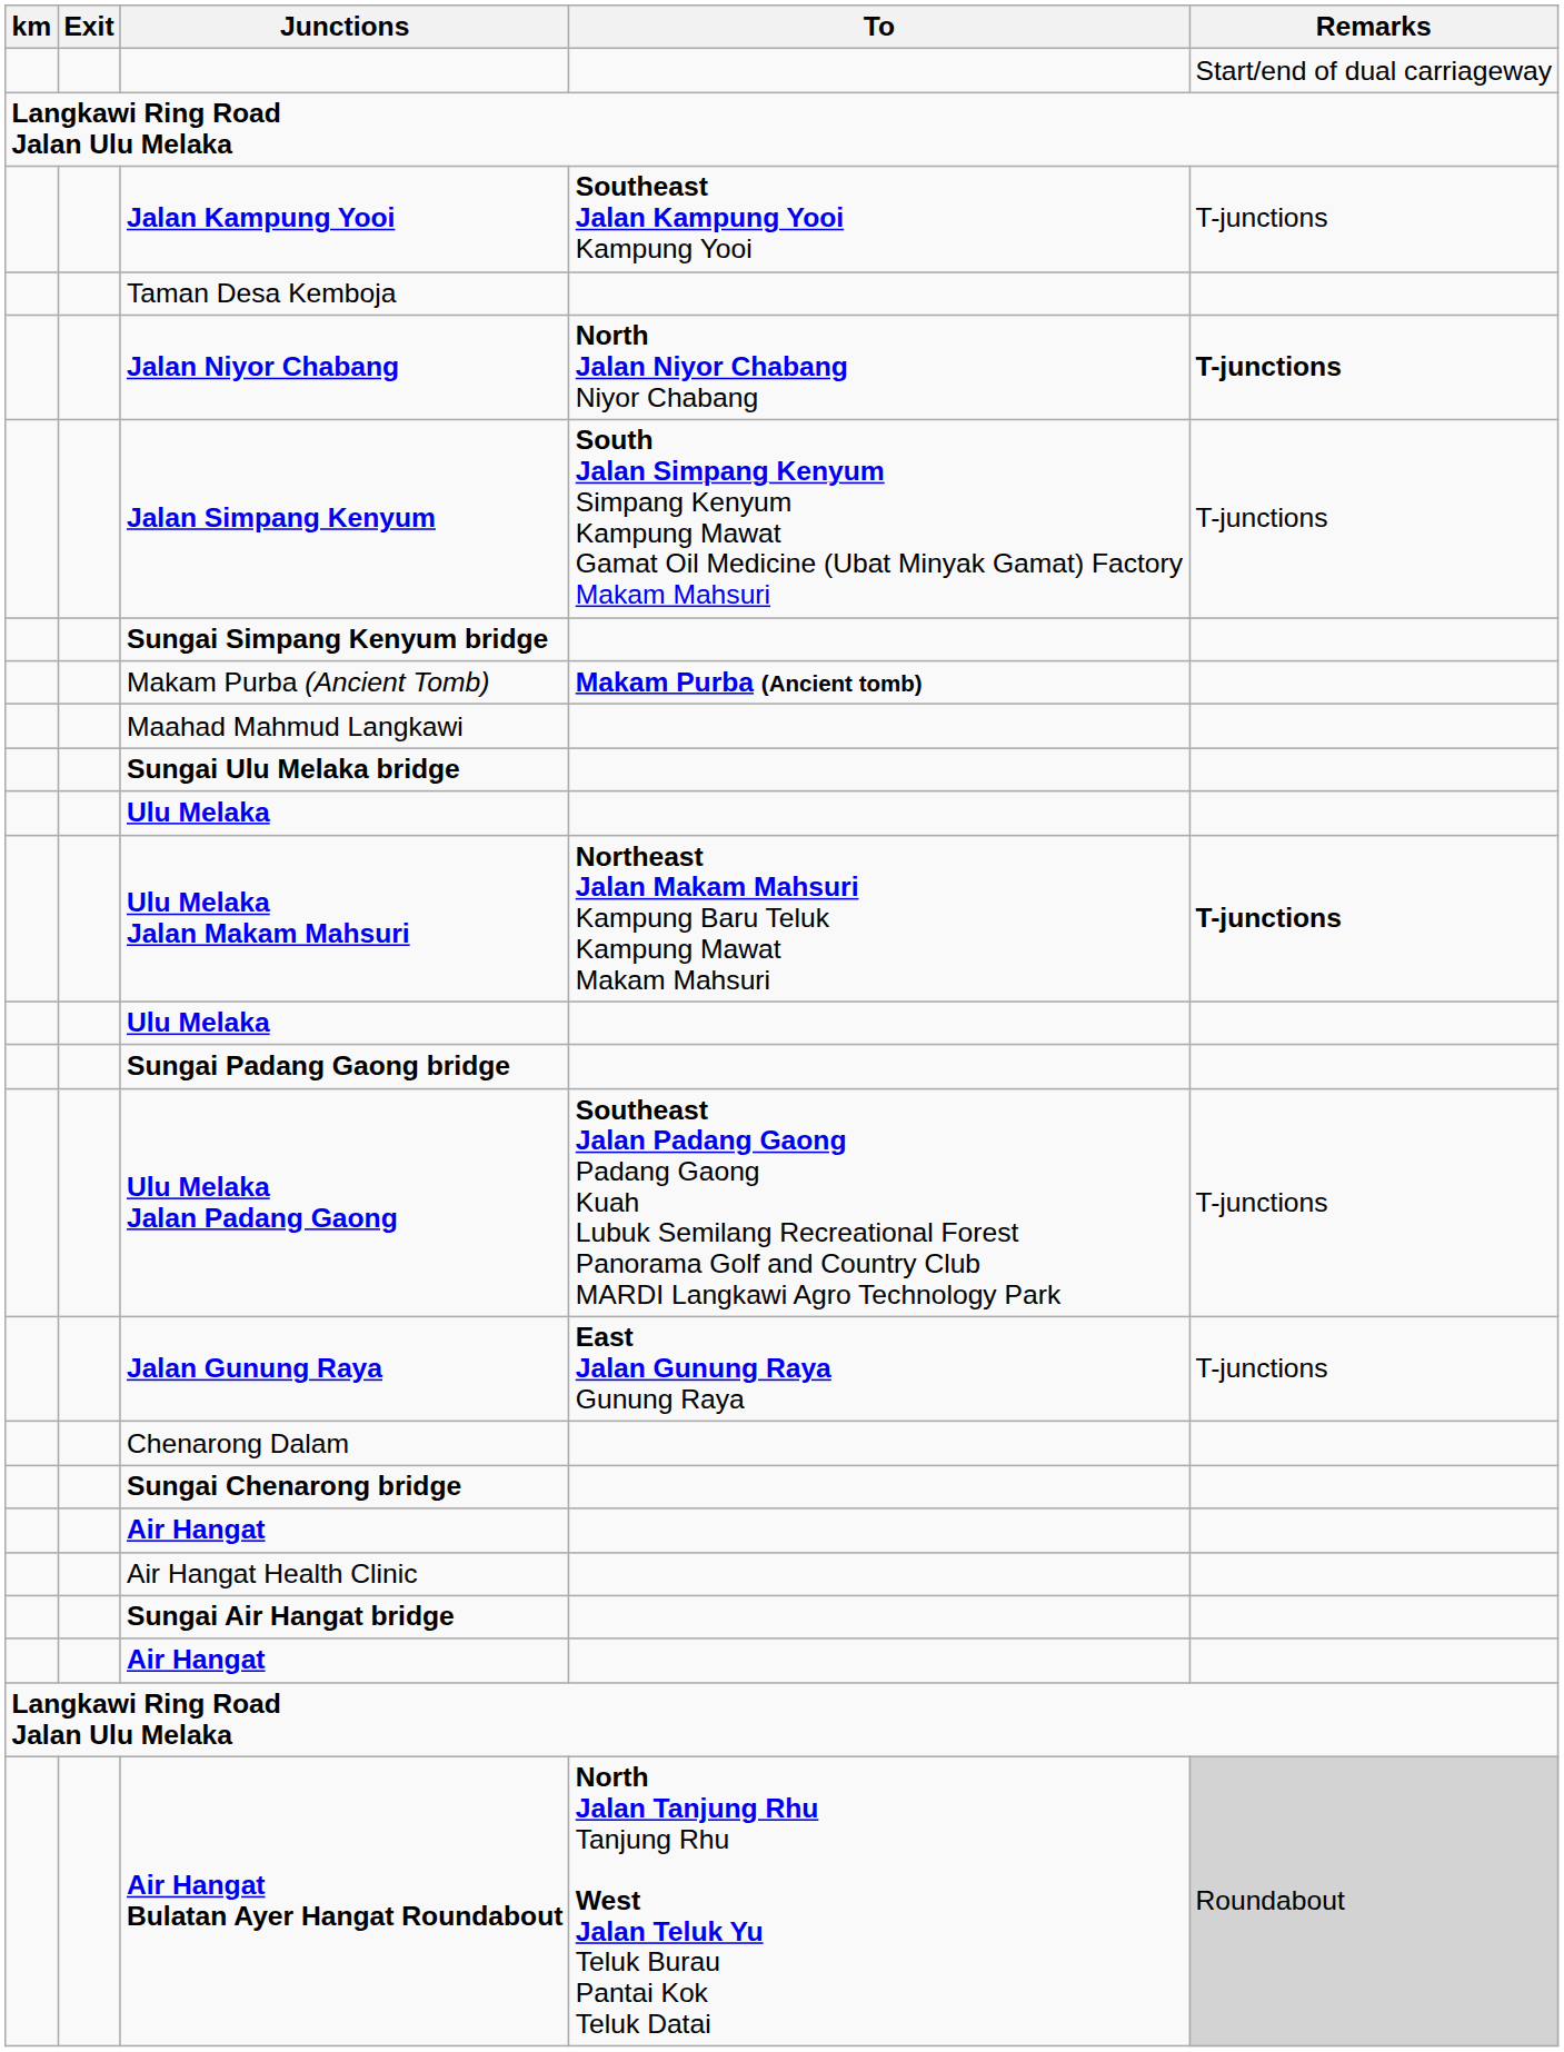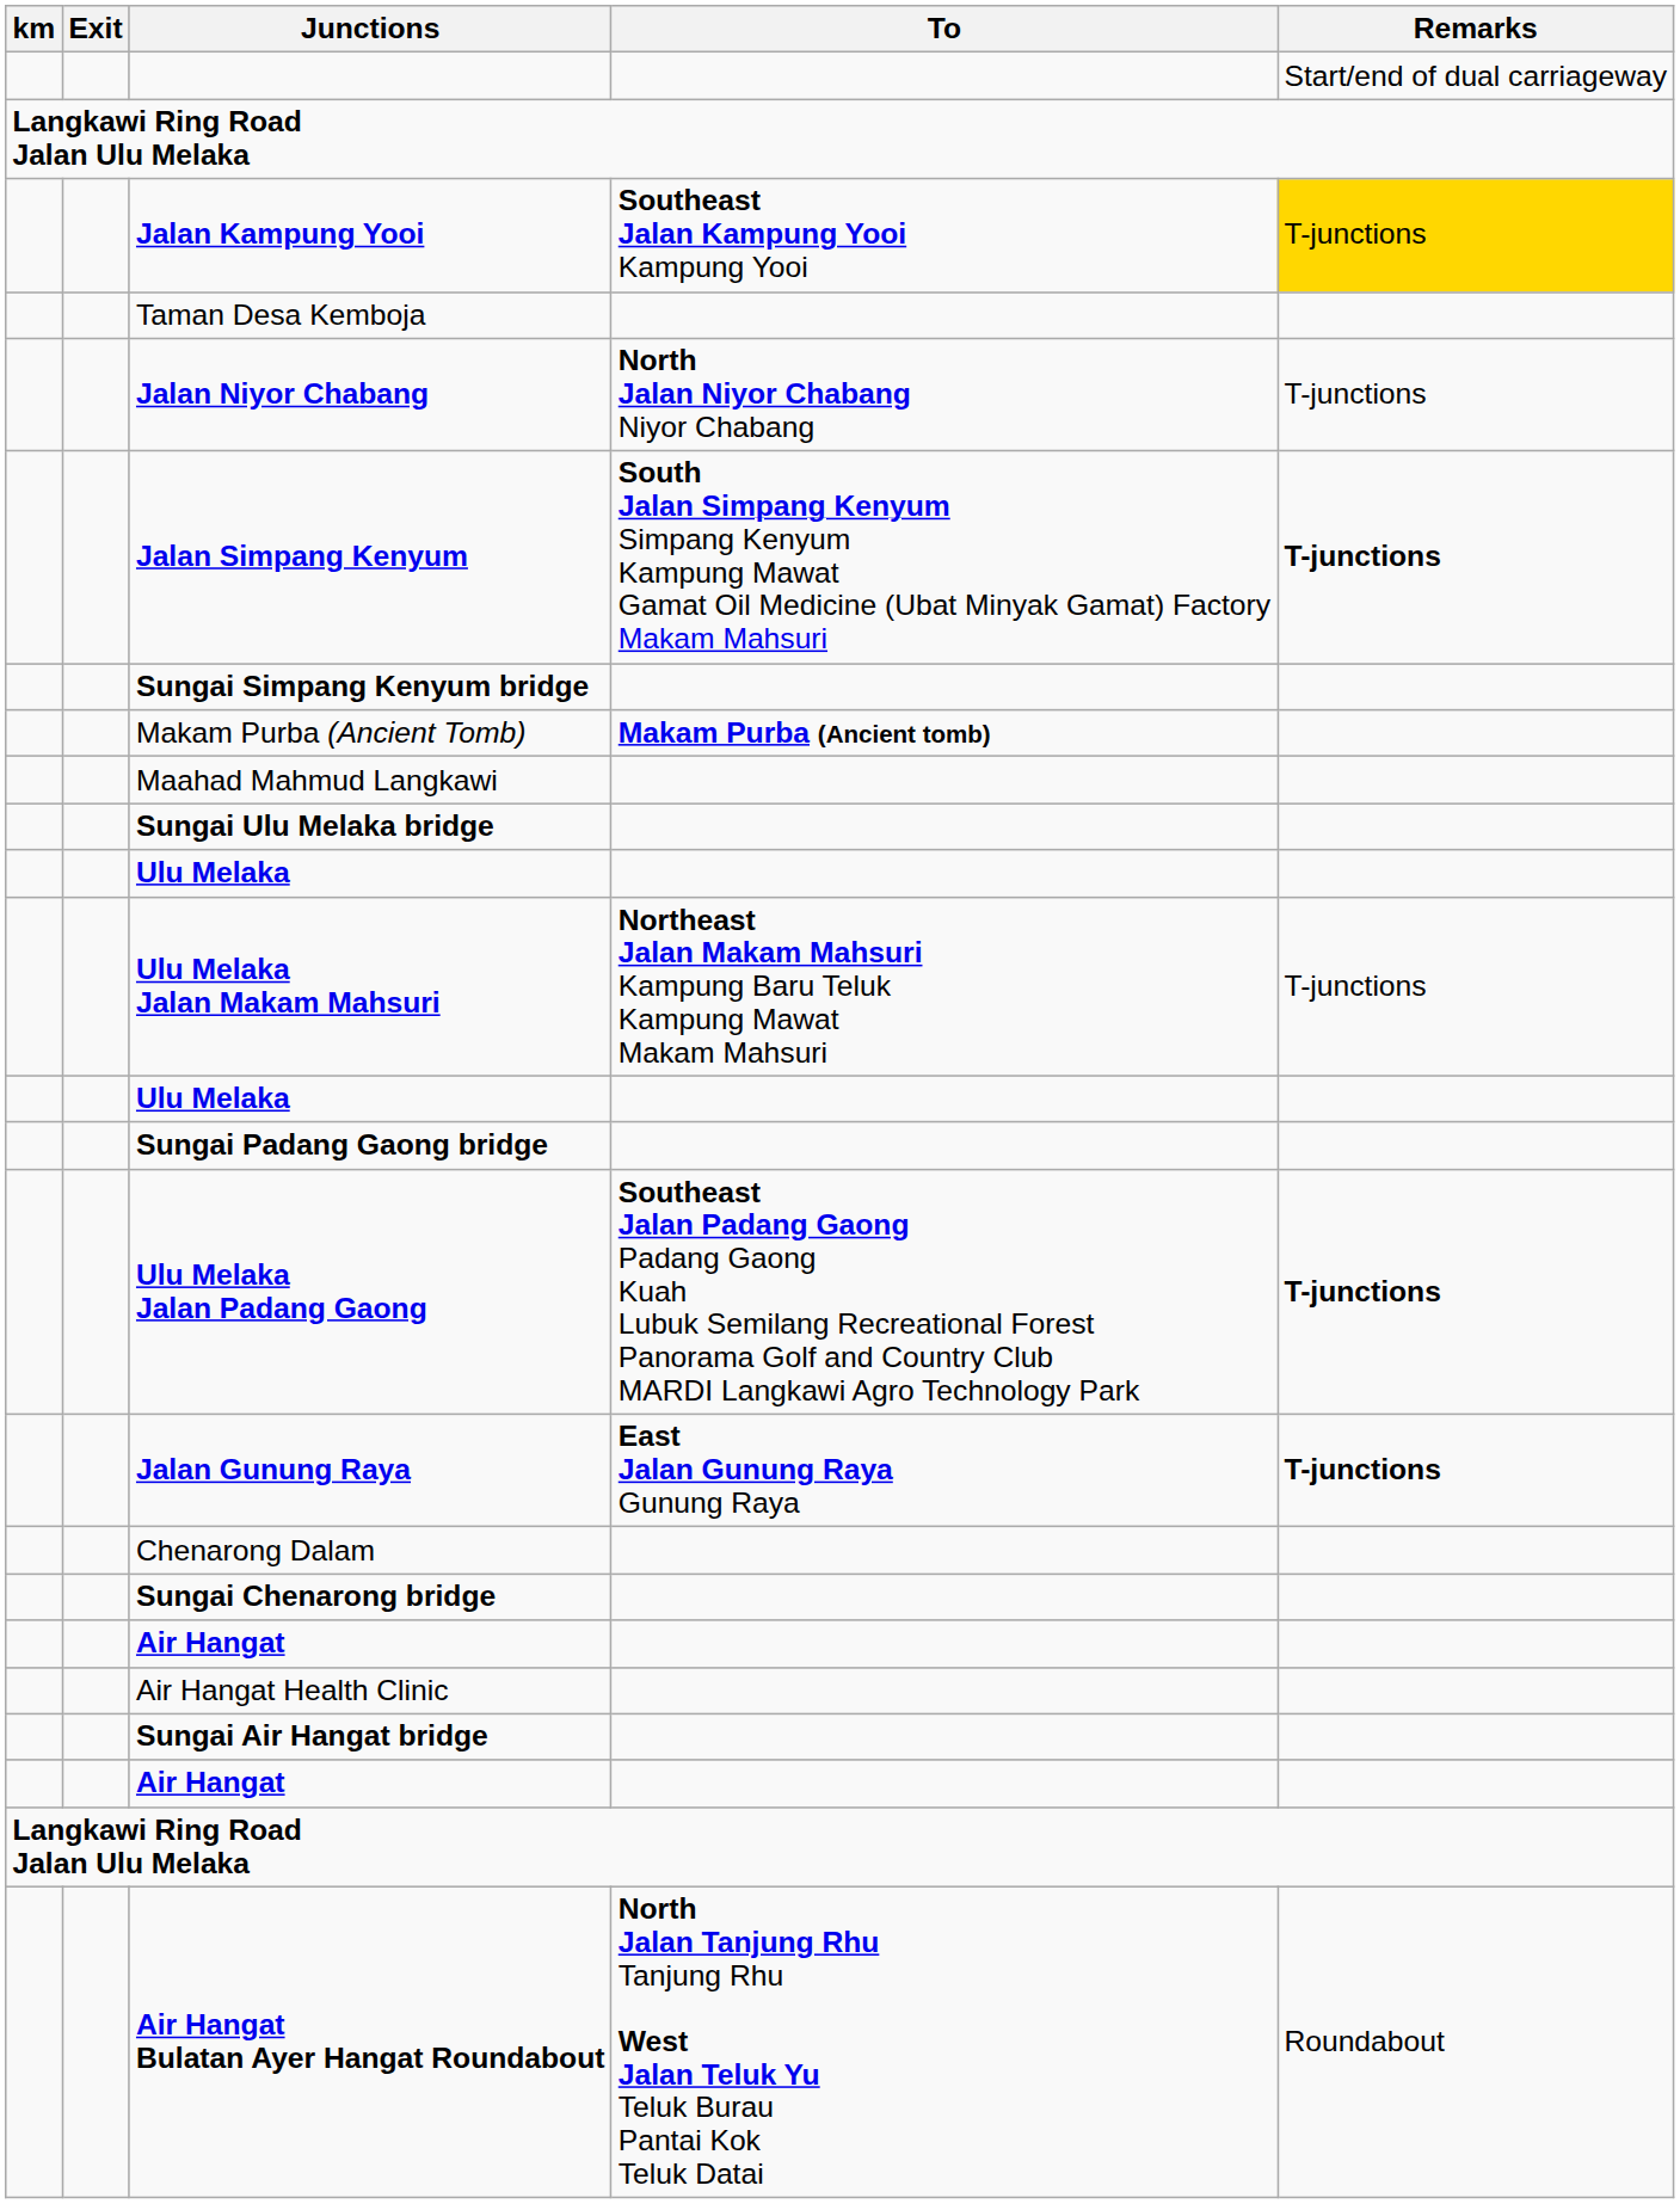 <table class="wikitable">
 <tr>
 <th>km</th>
 <th>Exit</th>
 <th>Junctions</th>
 <th>To</th>
 <th>Remarks</th>
 </tr>
 <tr>
 <td></td>
 <td></td>
 <td></td>
 <td></td>
 <td>Start/end of dual carriageway</td>
 </tr>
 <tr>
 <td style="width:600px" colspan="6" style="text-align:center; background:blue;"><strong><span> Langkawi Ring Road<br>Jalan Ulu Melaka</span></strong></td>
 </tr>
 <tr>
 <td></td>
 <td></td>
 <td> <strong><a href='#'>Jalan Kampung Yooi</a></strong></td>
 <td><strong>Southeast</strong><br> <strong><a href='#'>Jalan Kampung Yooi</a></strong><br>Kampung Yooi</td>
-<td>T-junctions</td>
+<td style="background: gold;">T-junctions</td>
 </tr>
 <tr>
 <td></td>
 <td></td>
 <td>Taman Desa Kemboja</td>
 <td></td>
 <td></td>
 </tr>
 <tr>
 <td></td>
 <td></td>
 <td> <strong><a href='#'>Jalan Niyor Chabang</a></strong></td>
 <td><strong>North</strong><br> <strong><a href='#'>Jalan Niyor Chabang</a></strong><br>Niyor Chabang</td>
-<td><strong>T-junctions</strong></td>
+<td>T-junctions</td>
 </tr>
 <tr>
 <td></td>
 <td></td>
 <td> <strong><a href='#'>Jalan Simpang Kenyum</a></strong></td>
 <td><strong>South</strong><br> <strong><a href='#'>Jalan Simpang Kenyum</a></strong><br> Simpang Kenyum<br> Kampung Mawat<br>Gamat Oil Medicine (Ubat Minyak Gamat) Factory<br><a href='#'>Makam Mahsuri</a></td>
-<td>T-junctions</td>
+<td><strong>T-junctions</strong></td>
 </tr>
 <tr>
 <td></td>
 <td></td>
 <td><strong>Sungai Simpang Kenyum bridge</strong></td>
 <td></td>
 <td></td>
 </tr>
 <tr>
 <td></td>
 <td></td>
 <td>Makam Purba <em>(Ancient Tomb)</em></td>
 <td><strong><a href='#'>Makam Purba</a> <small>(Ancient tomb)</small></strong><br></td>
 <td></td>
 </tr>
 <tr>
 <td></td>
 <td></td>
 <td>Maahad Mahmud Langkawi</td>
 <td></td>
 <td></td>
 </tr>
 <tr>
 <td></td>
 <td></td>
 <td><strong>Sungai Ulu Melaka bridge</strong></td>
 <td></td>
 <td></td>
 </tr>
 <tr>
 <td></td>
 <td></td>
 <td><strong><a href='#'>Ulu Melaka</a></strong></td>
 <td></td>
 <td></td>
 </tr>
 <tr>
 <td></td>
 <td></td>
 <td><strong><a href='#'>Ulu Melaka</a></strong><br> <strong><a href='#'>Jalan Makam Mahsuri</a></strong></td>
 <td><strong>Northeast</strong><br> <strong><a href='#'>Jalan Makam Mahsuri</a></strong><br>Kampung Baru Teluk<br>Kampung Mawat<br>Makam Mahsuri</td>
-<td><strong>T-junctions</strong></td>
+<td>T-junctions</td>
 </tr>
 <tr>
 <td></td>
 <td></td>
 <td><strong><a href='#'>Ulu Melaka</a></strong></td>
 <td></td>
 <td></td>
 </tr>
 <tr>
 <td></td>
 <td></td>
 <td><strong>Sungai Padang Gaong bridge</strong></td>
 <td></td>
 <td></td>
 </tr>
 <tr>
 <td></td>
 <td></td>
 <td><strong><a href='#'>Ulu Melaka</a></strong><br> <strong><a href='#'>Jalan Padang Gaong</a></strong></td>
 <td><strong>Southeast</strong><br> <strong><a href='#'>Jalan Padang Gaong</a></strong><br>Padang Gaong<br>Kuah<br>Lubuk Semilang Recreational Forest <br>Panorama Golf and Country Club<br>MARDI Langkawi Agro Technology Park</td>
-<td>T-junctions</td>
+<td><strong>T-junctions</strong></td>
 </tr>
 <tr>
 <td></td>
 <td></td>
 <td> <strong><a href='#'>Jalan Gunung Raya</a></strong></td>
 <td><strong>East</strong><br> <strong><a href='#'>Jalan Gunung Raya</a></strong><br>Gunung Raya</td>
-<td>T-junctions</td>
+<td><strong>T-junctions</strong></td>
 </tr>
 <tr>
 <td></td>
 <td></td>
 <td>Chenarong Dalam</td>
 <td></td>
 <td></td>
 </tr>
 <tr>
 <td></td>
 <td></td>
 <td><strong>Sungai Chenarong bridge</strong></td>
 <td></td>
 <td></td>
 </tr>
 <tr>
 <td></td>
 <td></td>
 <td><strong><a href='#'>Air Hangat</a></strong></td>
 <td></td>
 <td></td>
 </tr>
 <tr>
 <td></td>
 <td></td>
 <td>Air Hangat Health Clinic </td>
 <td></td>
 <td></td>
 </tr>
 <tr>
 <td></td>
 <td></td>
 <td><strong>Sungai Air Hangat bridge</strong></td>
 <td></td>
 <td></td>
 </tr>
 <tr>
 <td></td>
 <td></td>
 <td><strong><a href='#'>Air Hangat</a></strong></td>
 <td></td>
 <td></td>
 </tr>
 <tr>
 <td style="width:600px" colspan="6" style="text-align:center; background:blue;"><strong><span> Langkawi Ring Road<br>Jalan Ulu Melaka</span></strong></td>
 </tr>
 <tr>
 <td></td>
 <td></td>
 <td><strong><a href='#'>Air Hangat</a></strong><br><strong>Bulatan Ayer Hangat Roundabout</strong></td>
 <td><strong>North</strong><br> <strong><a href='#'>Jalan Tanjung Rhu</a></strong><br>Tanjung Rhu<br><br><strong>West</strong><br> <strong><a href='#'>Jalan Teluk Yu</a></strong><br>Teluk Burau<br>Pantai Kok<br>Teluk Datai</td>
-<td style="background: lightgrey;">Roundabout</td>
+<td>Roundabout</td>
 </tr>
 </table>
